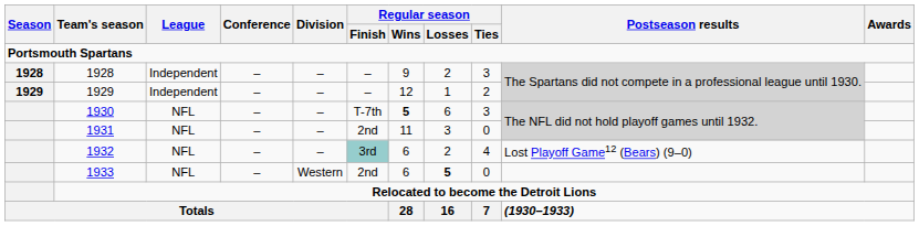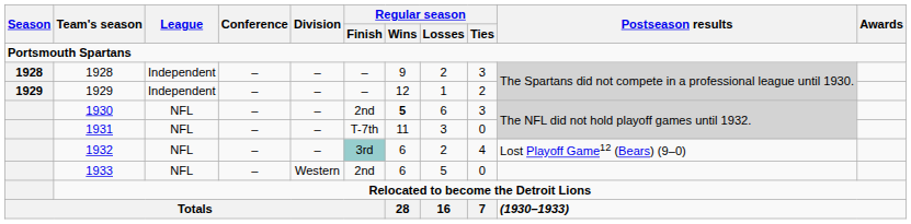 <table class="wikitable" style="font-size: 95%">
 <tr>
 <th rowspan="2"><a href='#'>Season</a></th>
 <th rowspan="2">Team's season</th>
 <th rowspan="2"><a href='#'>League</a></th>
 <th rowspan="2">Conference</th>
 <th rowspan="2">Division</th>
 <th colspan="4"><a href='#'>Regular season</a></th>
 <th rowspan="2"><a href='#'>Postseason</a> results</th>
 <th rowspan="2">Awards</th>
 </tr>
 <tr>
 <th>Finish</th>
 <th>Wins</th>
 <th>Losses</th>
 <th>Ties</th>
 </tr>
 <tr>
 <td colspan="11"><strong>Portsmouth Spartans</strong></td>
 </tr>
 <tr>
 <th align="center">1928</th>
 <td align="center">1928</td>
 <td align="center">Independent</td>
 <td align="center">–</td>
 <td align="center">–</td>
 <td align="center">–</td>
 <td align="center">9</td>
 <td align="center">2</td>
 <td align="center">3</td>
 <td bgcolor="lightgray" rowspan="2">The Spartans did not compete in a professional league until 1930.</td>
 <td></td>
 </tr>
 <tr>
 <th align="center">1929</th>
 <td align="center">1929</td>
 <td align="center">Independent</td>
 <td align="center">–</td>
 <td align="center">–</td>
 <td align="center">–</td>
 <td align="center">12</td>
 <td align="center">1</td>
 <td align="center">2</td>
 <td></td>
 </tr>
 <tr>
 <th align="center"></th>
 <td align="center"><a href='#'>1930</a></td>
 <td align="center">NFL</td>
 <td align="center">–</td>
 <td align="center">–</td>
-<td align="center">T-7th</td>
+<td align="center">2nd</td>
 <td align="center"><strong>5</strong></td>
 <td align="center">6</td>
 <td align="center">3</td>
 <td bgcolor="lightgray" rowspan="2">The NFL did not hold playoff games until 1932.</td>
 <td></td>
 </tr>
 <tr>
 <th align="center"></th>
 <td align="center"><a href='#'>1931</a></td>
 <td align="center">NFL</td>
 <td align="center">–</td>
 <td align="center">–</td>
-<td align="center">2nd</td>
+<td align="center">T-7th</td>
 <td align="center">11</td>
 <td align="center">3</td>
 <td align="center">0</td>
 <td></td>
 </tr>
 <tr>
 <th align="center"></th>
 <td align="center"><a href='#'>1932</a></td>
 <td align="center">NFL</td>
 <td align="center">–</td>
 <td align="center">–</td>
 <td align="center" bgcolor="#96CDCD">3rd</td>
 <td align="center">6</td>
 <td align="center">2</td>
 <td align="center">4</td>
 <td>Lost <a href='#'>Playoff Game</a><sup>12</sup> (<a href='#'>Bears</a>) (9–0)</td>
 <td></td>
 </tr>
 <tr>
 <th align="center"></th>
 <td align="center"><a href='#'>1933</a></td>
 <td align="center">NFL</td>
 <td align="center">–</td>
 <td align="center">Western</td>
 <td align="center">2nd</td>
 <td align="center">6</td>
-<td align="center"><strong>5</strong></td>
+<td align="center">5</td>
 <td align="center">0</td>
 <td></td>
 <td></td>
 </tr>
 <tr>
 <th align="center"></th>
 <td colspan="12" align="center"><strong>Relocated to become the Detroit Lions</strong></td>
 </tr>
 <tr>
 <th colspan="6" align="center">Totals</th>
 <th align="center">28</th>
 <th align="center">16</th>
 <th align="center">7</th>
 <td colspan="2"><strong><em>(1930–1933)</em></strong></td>
 </tr>
 </table>
